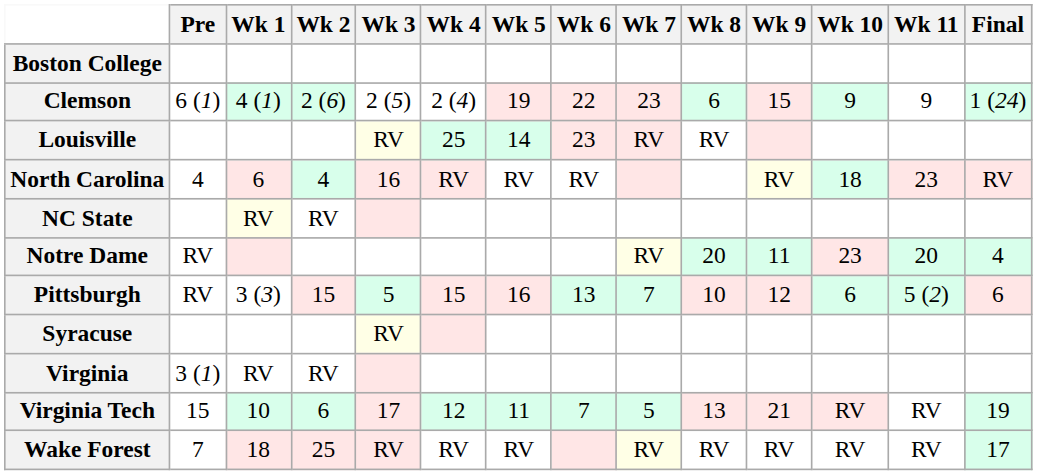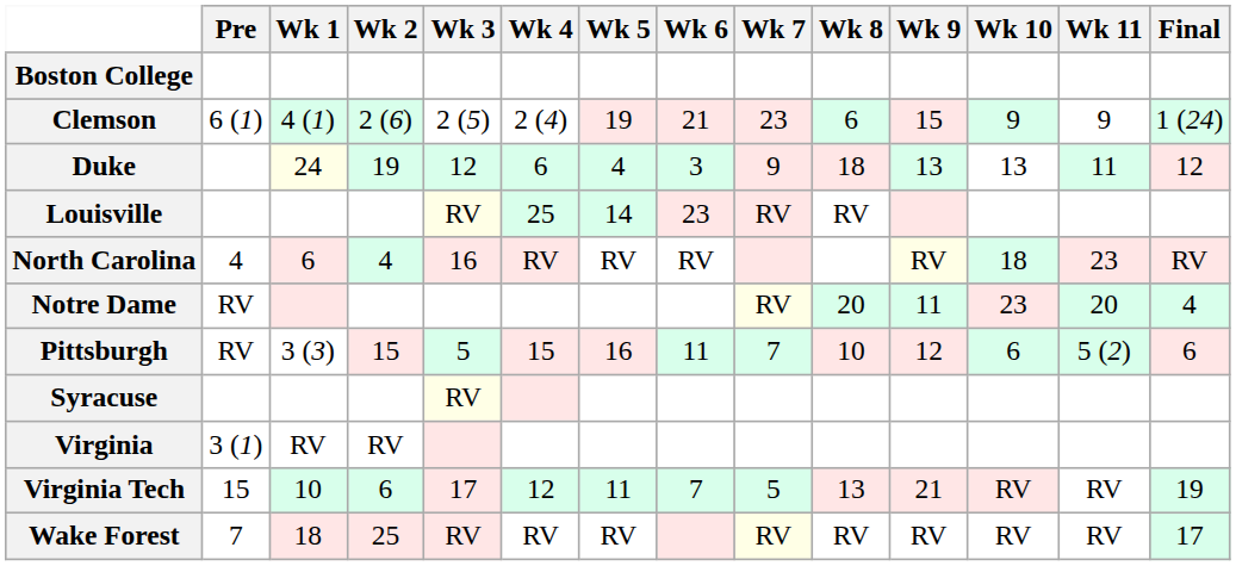 <table class="wikitable" style="white-space:nowrap;font-size:90%;">
 <tr>
 <th colspan=1 style="background:white; border-top-style:hidden; border-left-style:hidden;"> </th>
 <th>Pre <br></th>
 <th>Wk 1 <br></th>
 <th>Wk 2 <br></th>
 <th>Wk 3 <br></th>
 <th>Wk 4 <br></th>
 <th>Wk 5 <br></th>
 <th>Wk 6 <br></th>
 <th>Wk 7 <br></th>
 <th>Wk 8 <br></th>
 <th>Wk 9 <br></th>
 <th>Wk 10 <br></th>
 <th>Wk 11 <br></th>
 <th>Final <br></th>
 </tr>
 <tr style="text-align:center;">
 <th>Boston College</th>
 <td style="background:#FFF;"></td>
 <td style="background:#FFF;"></td>
 <td style="background:#FFF;"></td>
 <td style="background:#FFF;"></td>
 <td style="background:#FFF;"></td>
 <td style="background:#FFF;"></td>
 <td style="background:#FFF;"></td>
 <td style="background:#FFF;"></td>
 <td style="background:#FFF;"></td>
 <td style="background:#FFF;"></td>
 <td style="background:#FFF;"></td>
 <td style="background:#FFF;"></td>
 <td style="background:#FFF;"></td>
 </tr>
 <tr style="text-align:center;">
 <th>Clemson</th>
 <td style="background:#FFF;"> 6 (<em>1</em>)</td>
 <td style="background:#D8FFEB;"> 4 (<em>1</em>)</td>
 <td style="background:#D8FFEB;"> 2 (<em>6</em>)</td>
 <td style="background:#FFF;"> 2 (<em>5</em>)</td>
 <td style="background:#FFF;"> 2 (<em>4</em>)</td>
 <td style="background:#FFE6E6;"> 19</td>
-<td style="background:#FFE6E6;"> 22</td>
+<td style="background:#FFE6E6;"> 21</td>
 <td style="background:#FFE6E6;"> 23</td>
 <td style="background:#D8FFEB;"> 6</td>
 <td style="background:#FFE6E6;"> 15</td>
 <td style="background:#D8FFEB;"> 9</td>
 <td style="background:#FFF;"> 9</td>
 <td style="background:#D8FFEB;"> 1 (<em>24</em>)</td>
+</tr>
+<tr style="text-align:center;">
+<th>Duke</th>
+<td style="background:#FFF;"></td>
+<td style="background:#FFFFE6;"> 24</td>
+<td style="background:#D8FFEB;"> 19</td>
+<td style="background:#D8FFEB;"> 12</td>
+<td style="background:#D8FFEB;"> 6</td>
+<td style="background:#D8FFEB;"> 4</td>
+<td style="background:#D8FFEB;"> 3</td>
+<td style="background:#FFE6E6;"> 9</td>
+<td style="background:#FFE6E6;"> 18</td>
+<td style="background:#D8FFEB;"> 13</td>
+<td style="background:#FFF;"> 13</td>
+<td style="background:#D8FFEB;"> 11</td>
+<td style="background:#FFE6E6;"> 12</td>
 </tr>
 <tr style="text-align:center;">
 <th>Louisville</th>
 <td style="background:#FFF;"></td>
 <td style="background:#FFF;"></td>
 <td style="background:#FFF;"></td>
 <td style="background:#FFFFE6;"> RV</td>
 <td style="background:#D8FFEB;"> 25</td>
 <td style="background:#D8FFEB;"> 14</td>
 <td style="background:#FFE6E6;"> 23</td>
 <td style="background:#FFE6E6;"> RV</td>
 <td style="background:#FFF;"> RV</td>
 <td style="background:#FFE6E6;"></td>
 <td style="background:#FFF;"></td>
 <td style="background:#FFF;"></td>
 <td style="background:#FFF;"></td>
 </tr>
 <tr style="text-align:center;">
 <th>North Carolina</th>
 <td style="background:#FFF;"> 4</td>
 <td style="background:#FFE6E6;"> 6</td>
 <td style="background:#D8FFEB;"> 4</td>
 <td style="background:#FFE6E6;"> 16</td>
 <td style="background:#FFE6E6;"> RV</td>
 <td style="background:#FFF;"> RV</td>
 <td style="background:#FFF;"> RV</td>
 <td style="background:#FFE6E6;"></td>
 <td style="background:#FFF;"></td>
 <td style="background:#FFFFE6;"> RV</td>
 <td style="background:#D8FFEB;"> 18</td>
 <td style="background:#FFE6E6;"> 23</td>
 <td style="background:#FFE6E6;"> RV</td>
 </tr>
 <tr style="text-align:center;">
-<th>NC State</th>
-<td style="background:#FFF;"></td>
-<td style="background:#FFFFE6;"> RV</td>
-<td style="background:#FFF;"> RV</td>
-<td style="background:#FFE6E6;"></td>
-<td style="background:#FFF;"></td>
-<td style="background:#FFF;"></td>
-<td style="background:#FFF;"></td>
-<td style="background:#FFF;"></td>
-<td style="background:#FFF;"></td>
-<td style="background:#FFF;"></td>
-<td style="background:#FFF;"></td>
-<td style="background:#FFF;"></td>
-<td style="background:#FFF;"></td>
-</tr>
-<tr style="text-align:center;">
 <th>Notre Dame</th>
 <td style="background:#FFF;"> RV</td>
 <td style="background:#FFE6E6;"></td>
 <td style="background:#FFF;"></td>
 <td style="background:#FFF;"></td>
 <td style="background:#FFF;"></td>
 <td style="background:#FFF;"></td>
 <td style="background:#FFF;"></td>
 <td style="background:#FFFFE6;"> RV</td>
 <td style="background:#D8FFEB;"> 20</td>
 <td style="background:#D8FFEB;"> 11</td>
 <td style="background:#FFE6E6;"> 23</td>
 <td style="background:#D8FFEB;"> 20</td>
 <td style="background:#D8FFEB;"> 4</td>
 </tr>
 <tr style="text-align:center;">
 <th>Pittsburgh</th>
 <td style="background:#FFF;"> RV</td>
 <td style="background:#FFF;"> 3 (<em>3</em>)</td>
 <td style="background:#FFE6E6;"> 15</td>
 <td style="background:#D8FFEB;"> 5</td>
 <td style="background:#FFE6E6;"> 15</td>
 <td style="background:#FFE6E6;"> 16</td>
-<td style="background:#D8FFEB;"> 13</td>
+<td style="background:#D8FFEB;"> 11</td>
 <td style="background:#D8FFEB;"> 7</td>
 <td style="background:#FFE6E6;"> 10</td>
 <td style="background:#FFE6E6;"> 12</td>
 <td style="background:#D8FFEB;"> 6</td>
 <td style="background:#D8FFEB;"> 5 (<em>2</em>)</td>
 <td style="background:#FFE6E6;"> 6</td>
 </tr>
 <tr style="text-align:center;">
 <th>Syracuse</th>
 <td style="background:#FFF;"></td>
 <td style="background:#FFF;"></td>
 <td style="background:#FFF;"></td>
 <td style="background:#FFFFE6;"> RV</td>
 <td style="background:#FFE6E6;"></td>
 <td style="background:#FFF;"></td>
 <td style="background:#FFF;"></td>
 <td style="background:#FFF;"></td>
 <td style="background:#FFF;"></td>
 <td style="background:#FFF;"></td>
 <td style="background:#FFF;"></td>
 <td style="background:#FFF;"></td>
 <td style="background:#FFF;"></td>
 </tr>
 <tr style="text-align:center;">
 <th>Virginia</th>
 <td style="background:#FFF;"> 3 (<em>1</em>)</td>
 <td style="background:#FFF;"> RV</td>
 <td style="background:#FFF;"> RV</td>
 <td style="background:#FFE6E6;"></td>
 <td style="background:#FFF;"></td>
 <td style="background:#FFF;"></td>
 <td style="background:#FFF;"></td>
 <td style="background:#FFF;"></td>
 <td style="background:#FFF;"></td>
 <td style="background:#FFF;"></td>
 <td style="background:#FFF;"></td>
 <td style="background:#FFF;"></td>
 <td style="background:#FFF;"></td>
 </tr>
 <tr style="text-align:center;">
 <th>Virginia Tech</th>
 <td style="background:#FFF;"> 15</td>
 <td style="background:#D8FFEB;"> 10</td>
 <td style="background:#D8FFEB;"> 6</td>
 <td style="background:#FFE6E6;"> 17</td>
 <td style="background:#D8FFEB;"> 12</td>
 <td style="background:#D8FFEB;"> 11</td>
 <td style="background:#D8FFEB;"> 7</td>
 <td style="background:#D8FFEB;"> 5</td>
 <td style="background:#FFE6E6;"> 13</td>
 <td style="background:#FFE6E6;"> 21</td>
 <td style="background:#FFE6E6;"> RV</td>
 <td style="background:#FFF;"> RV</td>
 <td style="background:#D8FFEB;"> 19</td>
 </tr>
 <tr style="text-align:center;">
 <th>Wake Forest</th>
 <td style="background:#FFF;"> 7</td>
 <td style="background:#FFE6E6;"> 18</td>
 <td style="background:#FFE6E6;"> 25</td>
 <td style="background:#FFE6E6;"> RV</td>
 <td style="background:#FFF;"> RV</td>
 <td style="background:#FFF;"> RV</td>
 <td style="background:#FFE6E6;"></td>
 <td style="background:#FFFFE6;"> RV</td>
 <td style="background:#FFF;"> RV</td>
 <td style="background:#FFF;"> RV</td>
 <td style="background:#FFF;"> RV</td>
 <td style="background:#FFF;"> RV</td>
 <td style="background:#D8FFEB;"> 17</td>
 </tr>
 </table>
